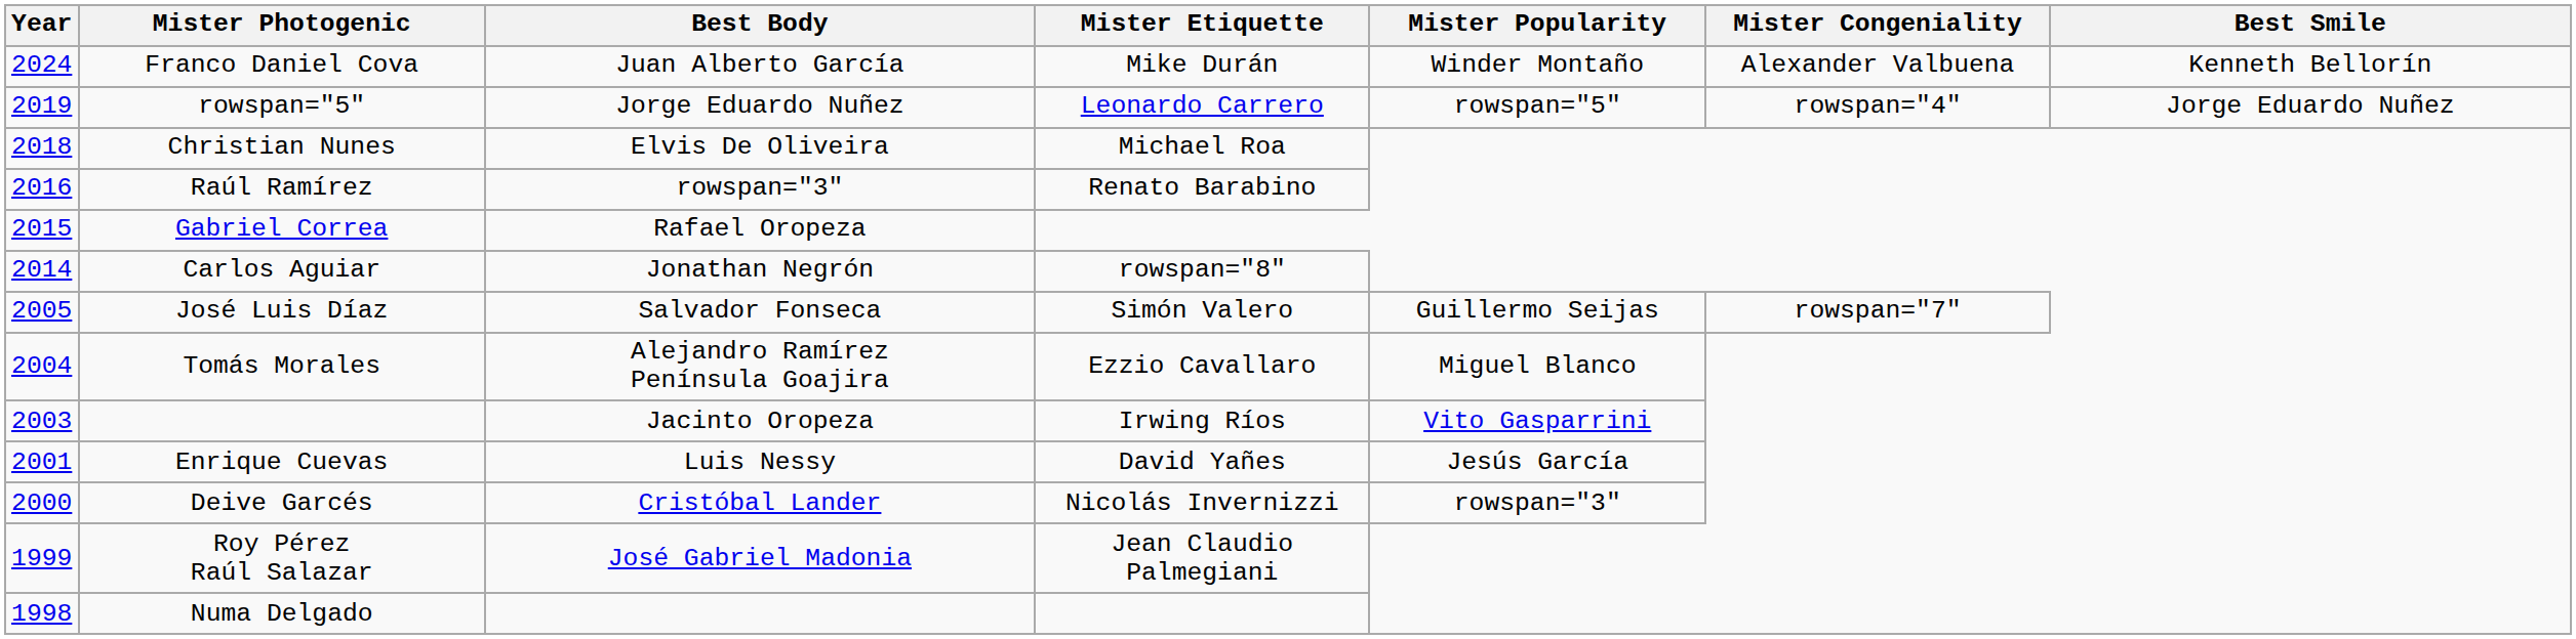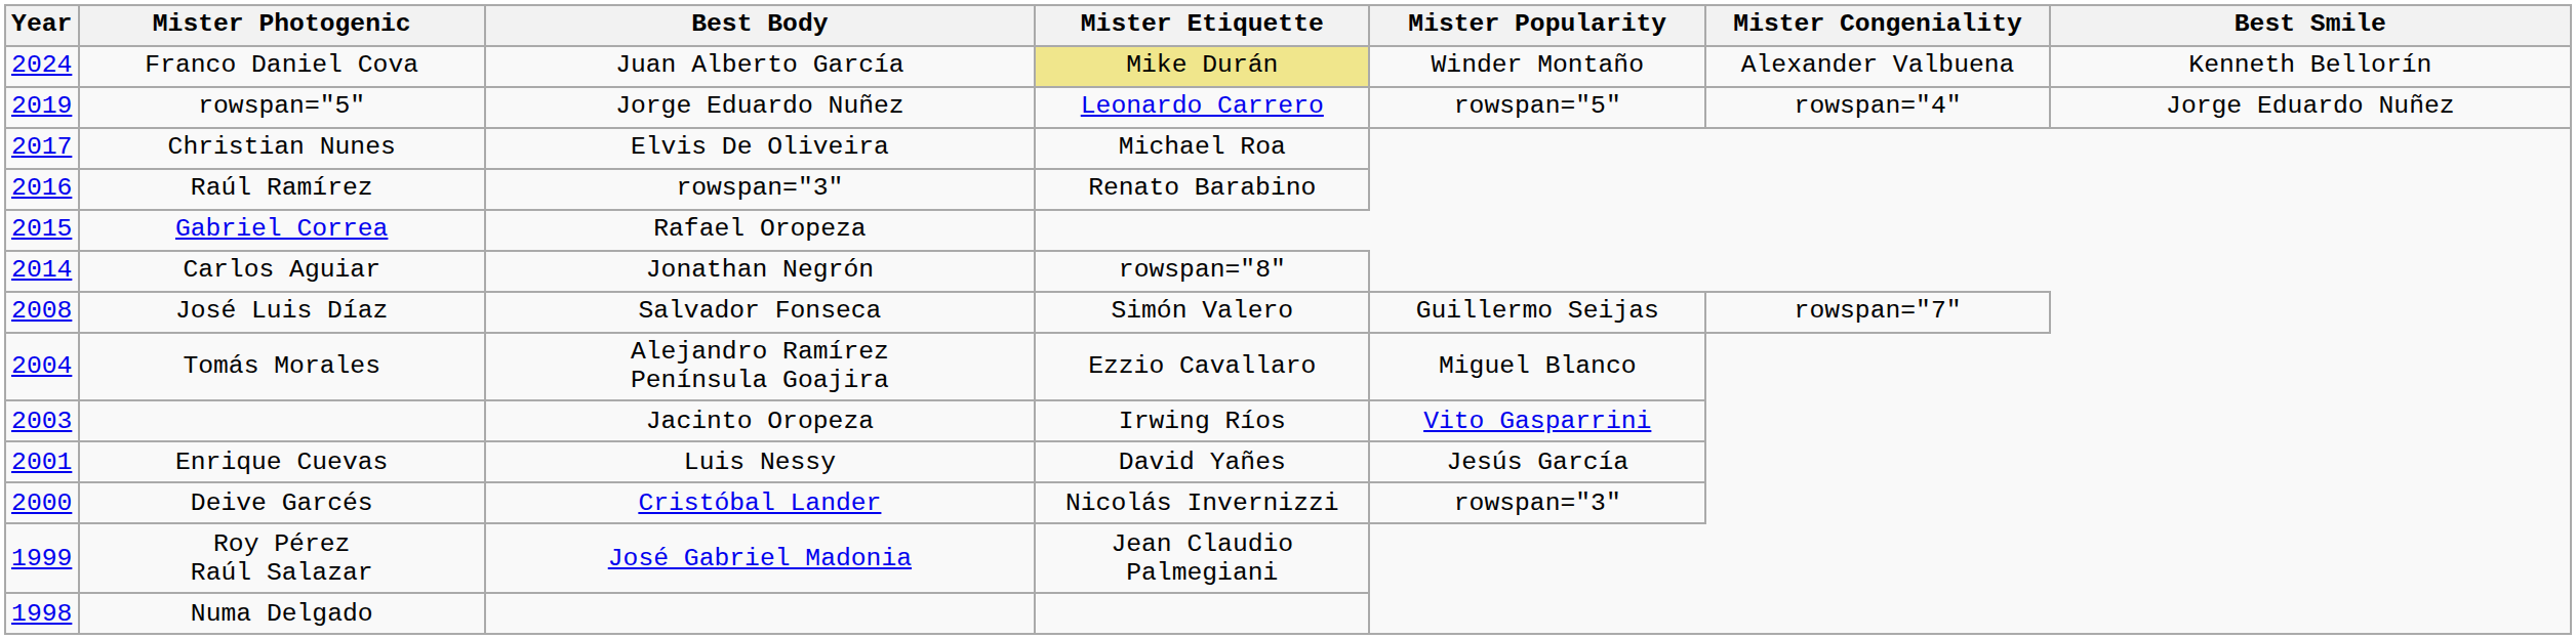 <table class="wikitable" style="font-size: 95%; text-align:center;" |>
 <tr>
 <th width="30">Year</th>
 <th width="400">Mister Photogenic<br></th>
 <th width="600">Best Body<br></th>
 <th width="300">Mister Etiquette<br></th>
 <th width="300">Mister Popularity<br></th>
 <th width="300">Mister Congeniality<br></th>
 <th width="600">Best Smile<br></th>
 </tr>
 <tr>
 <td><a href='#'>2024</a></td>
 <td>Franco Daniel Cova<br></td>
 <td>Juan Alberto García<br></td>
-<td>Mike Durán<br></td>
+<td style="background: khaki;">Mike Durán<br></td>
 <td>Winder Montaño<br></td>
 <td>Alexander Valbuena<br></td>
 <td>Kenneth Bellorín<br></td>
 </tr>
 <tr>
 <td><a href='#'>2019</a></td>
 <td>rowspan="5" </td>
 <td>Jorge Eduardo Nuñez<br></td>
 <td><a href='#'>Leonardo Carrero</a><br></td>
 <td>rowspan="5" </td>
 <td>rowspan="4" </td>
 <td>Jorge Eduardo Nuñez<br></td>
 </tr>
 <tr>
-<td><a href='#'>2018</a></td>
+<td><a href='#'>2017</a></td>
 <td>Christian Nunes<br></td>
 <td>Elvis De Oliveira<br></td>
 <td>Michael Roa<br></td>
 </tr>
 <tr>
 <td><a href='#'>2016</a></td>
 <td>Raúl Ramírez<br></td>
 <td>rowspan="3" </td>
 <td>Renato Barabino<br></td>
 </tr>
 <tr>
 <td><a href='#'>2015</a></td>
 <td><a href='#'>Gabriel Correa</a><br></td>
 <td>Rafael Oropeza<br></td>
 </tr>
 <tr>
 <td><a href='#'>2014</a></td>
 <td>Carlos Aguiar<br></td>
 <td>Jonathan Negrón<br></td>
 <td>rowspan="8" </td>
 </tr>
 <tr>
-<td><a href='#'>2005</a></td>
+<td><a href='#'>2008</a></td>
 <td>José Luis Díaz<br></td>
 <td>Salvador Fonseca<br></td>
 <td>Simón Valero<br></td>
 <td>Guillermo Seijas<br></td>
 <td>rowspan="7" </td>
 </tr>
 <tr>
 <td><a href='#'>2004</a></td>
 <td>Tomás Morales<br></td>
 <td>Alejandro Ramírez<br> Península Goajira</td>
 <td>Ezzio Cavallaro<br></td>
 <td>Miguel Blanco<br></td>
 </tr>
 <tr>
 <td><a href='#'>2003</a></td>
 <td></td>
 <td>Jacinto Oropeza<br></td>
 <td>Irwing Ríos<br></td>
 <td><a href='#'>Vito Gasparrini</a><br></td>
 </tr>
 <tr>
 <td><a href='#'>2001</a></td>
 <td>Enrique Cuevas<br></td>
 <td>Luis Nessy<br></td>
 <td>David Yañes<br></td>
 <td>Jesús García<br></td>
 </tr>
 <tr>
 <td><a href='#'>2000</a></td>
 <td>Deive Garcés<br></td>
 <td><a href='#'>Cristóbal Lander</a><br></td>
 <td>Nicolás Invernizzi<br></td>
 <td>rowspan="3" </td>
 </tr>
 <tr>
 <td><a href='#'>1999</a></td>
 <td>Roy Pérez<br>Raúl Salazar</td>
 <td><a href='#'>José Gabriel Madonia</a><br></td>
 <td>Jean Claudio Palmegiani<br></td>
 </tr>
 <tr>
 <td><a href='#'>1998</a></td>
 <td>Numa Delgado<br></td>
 <td></td>
 <td></td>
 </tr>
 </table>
